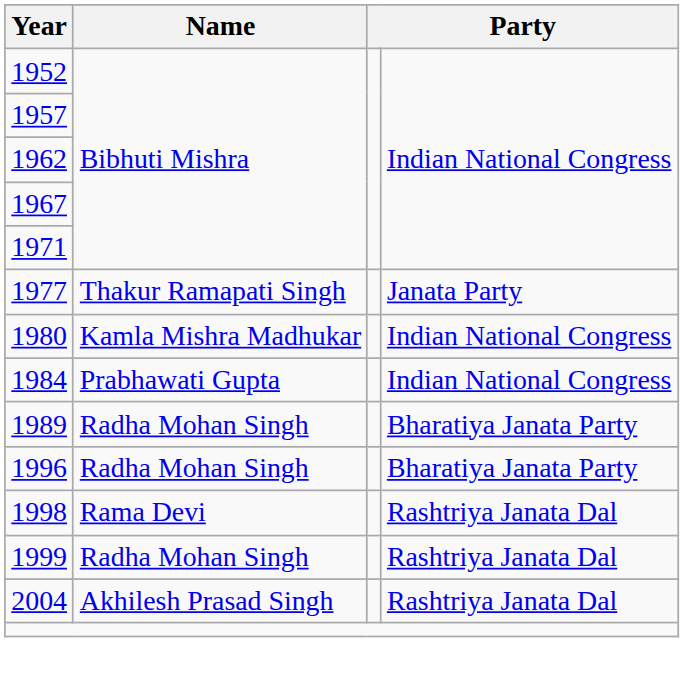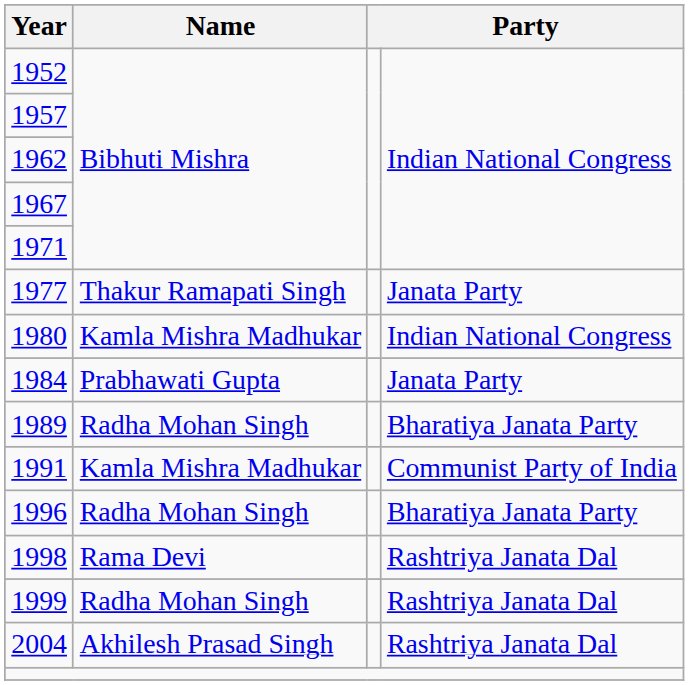 <table class="wikitable">
 <tr>
 <th>Year</th>
 <th>Name</th>
 <th colspan="2">Party</th>
 </tr>
 <tr>
 <td><a href='#'>1952</a></td>
 <td rowspan="5"><a href='#'>Bibhuti Mishra</a></td>
 <td rowspan="5" style="background-color: "></td>
 <td rowspan="5"><a href='#'>Indian National Congress</a></td>
 </tr>
 <tr>
 <td><a href='#'>1957</a></td>
 </tr>
 <tr>
 <td><a href='#'>1962</a></td>
 </tr>
 <tr>
 <td><a href='#'>1967</a></td>
 </tr>
 <tr>
 <td><a href='#'>1971</a></td>
 </tr>
 <tr>
 <td><a href='#'>1977</a></td>
 <td><a href='#'>Thakur Ramapati Singh</a></td>
 <td style="background-color: "></td>
 <td><a href='#'>Janata Party</a></td>
 </tr>
 <tr>
 <td><a href='#'>1980</a></td>
 <td><a href='#'>Kamla Mishra Madhukar</a></td>
 <td style="background-color: "></td>
 <td><a href='#'>Indian National Congress</a></td>
 </tr>
 <tr>
 <td><a href='#'>1984</a></td>
 <td><a href='#'>Prabhawati Gupta</a></td>
 <td style="background-color: "></td>
-<td><a href='#'>Indian National Congress</a></td>
+<td><a href='#'>Janata Party</a></td>
 </tr>
 <tr>
 <td><a href='#'>1989</a></td>
 <td><a href='#'>Radha Mohan Singh</a></td>
 <td style="background-color: "></td>
 <td><a href='#'>Bharatiya Janata Party</a></td>
+</tr>
+<tr>
+<td><a href='#'>1991</a></td>
+<td><a href='#'>Kamla Mishra Madhukar</a></td>
+<td style="background-color: "></td>
+<td><a href='#'>Communist Party of India</a></td>
 </tr>
 <tr>
 <td><a href='#'>1996</a></td>
 <td><a href='#'>Radha Mohan Singh</a></td>
 <td style="background-color: "></td>
 <td><a href='#'>Bharatiya Janata Party</a></td>
 </tr>
 <tr>
 <td><a href='#'>1998</a></td>
 <td><a href='#'>Rama Devi</a></td>
 <td style="background-color: "></td>
 <td><a href='#'>Rashtriya Janata Dal</a></td>
 </tr>
 <tr>
 <td><a href='#'>1999</a></td>
 <td><a href='#'>Radha Mohan Singh</a></td>
 <td style="background-color: "></td>
 <td><a href='#'>Rashtriya Janata Dal</a></td>
 </tr>
 <tr>
 <td><a href='#'>2004</a></td>
 <td><a href='#'>Akhilesh Prasad Singh</a></td>
 <td style="background-color: "></td>
 <td><a href='#'>Rashtriya Janata Dal</a></td>
 </tr>
 <tr>
 <td colspan="4"></td>
 </tr>
 </table>
